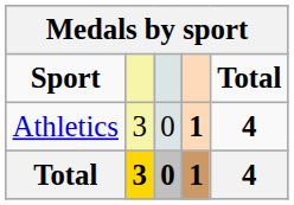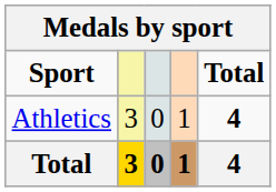 <table class="wikitable" style="font-size:95%">
 <tr style="background:#efefef;">
 <th colspan=5><strong>Medals by sport</strong></th>
 </tr>
 <tr align=center>
 <td><strong>Sport</strong></td>
 <td bgcolor=#f7f6a8></td>
 <td bgcolor=#dce5e5></td>
 <td bgcolor=#ffdab9></td>
 <td><strong>Total</strong></td>
 </tr>
 <tr align=center>
 <td><a href='#'>Athletics</a></td>
 <td style="background:#F7F6A8;">3</td>
 <td style="background:#DCE5E5;">0</td>
-<td style="background:#FFDAB9;"><strong>1</strong></td>
+<td style="background:#FFDAB9;">1</td>
 <td><strong>4</strong></td>
 </tr>
 <tr align=center>
 <th><strong>Total</strong></th>
 <th style="background:gold;"><strong>3</strong></th>
 <th style="background:silver;"><strong>0</strong></th>
 <th style="background:#c96;"><strong>1</strong></th>
 <th><strong>4</strong></th>
 </tr>
 </table>
